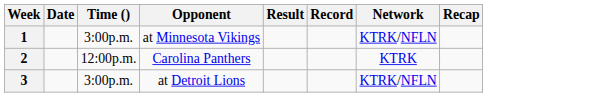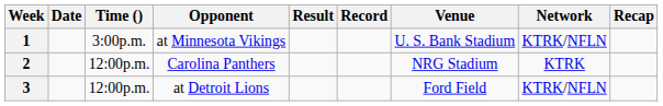 <table class="wikitable" style="text-align:center">
 <tr>
 <th>Week</th>
 <th>Date</th>
 <th>Time (<a href='#'></a>)</th>
 <th>Opponent</th>
 <th>Result</th>
 <th>Record</th>
+<th>Venue</th>
 <th>Network</th>
 <th>Recap</th>
 </tr>
 <tr>
 <th>1</th>
 <td></td>
 <td>3:00p.m.</td>
 <td>at <a href='#'>Minnesota Vikings</a></td>
 <td></td>
 <td></td>
+<td><a href='#'>U. S. Bank Stadium</a></td>
 <td><a href='#'>KTRK</a>/<a href='#'>NFLN</a></td>
 <td></td>
 </tr>
 <tr>
 <th>2</th>
 <td></td>
 <td>12:00p.m.</td>
 <td><a href='#'>Carolina Panthers</a></td>
 <td></td>
 <td></td>
+<td><a href='#'>NRG Stadium</a></td>
 <td><a href='#'>KTRK</a></td>
 <td></td>
 </tr>
 <tr>
 <th>3</th>
 <td></td>
-<td>3:00p.m.</td>
+<td>12:00p.m.</td>
 <td>at <a href='#'>Detroit Lions</a></td>
 <td></td>
 <td></td>
+<td><a href='#'>Ford Field</a></td>
 <td><a href='#'>KTRK</a>/<a href='#'>NFLN</a></td>
 <td></td>
 </tr>
 </table>
